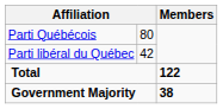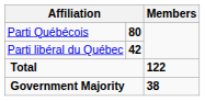 <table class="wikitable">
 <tr>
 <th colspan="2">Affiliation</th>
 <th>Members</th>
 </tr>
 <tr>
 <td align=left><a href='#'>Parti Québécois</a></td>
-<td>80</td>
+<td><strong>80</strong></td>
 </tr>
 <tr>
 <td align=left><a href='#'>Parti libéral du Québec</a></td>
-<td>42</td>
+<td><strong>42</strong></td>
 </tr>
 <tr>
 <td colspan="2" style="text-align:left;"> <strong>Total</strong><br></td>
 <td><strong>122</strong></td>
 </tr>
 <tr>
 <td colspan="2" style="text-align:left;"> <strong>Government Majority</strong><br></td>
 <td><strong>38</strong></td>
 </tr>
 </table>
